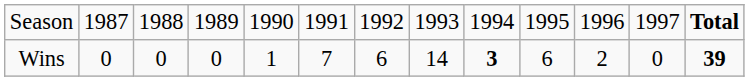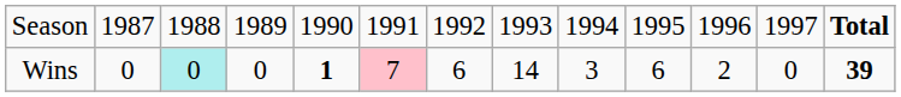 <table class="wikitable sortable">
 <tr>
 <td>Season</td>
 <td>1987</td>
 <td>1988</td>
 <td>1989</td>
 <td>1990</td>
 <td>1991</td>
 <td>1992</td>
 <td>1993</td>
 <td>1994</td>
 <td>1995</td>
 <td>1996</td>
 <td>1997</td>
 <td><strong>Total</strong></td>
 </tr>
 <tr align=center>
 <td>Wins</td>
 <td>0</td>
+<td style="background: paleturquoise;">0</td>
 <td>0</td>
-<td>0</td>
-<td>1</td>
-<td>7</td>
+<td><strong>1</strong></td>
+<td style="background: pink;">7</td>
 <td>6</td>
 <td>14</td>
-<td><strong>3</strong></td>
+<td>3</td>
 <td>6</td>
 <td>2</td>
 <td>0</td>
 <td><strong>39</strong></td>
 </tr>
 </table>
